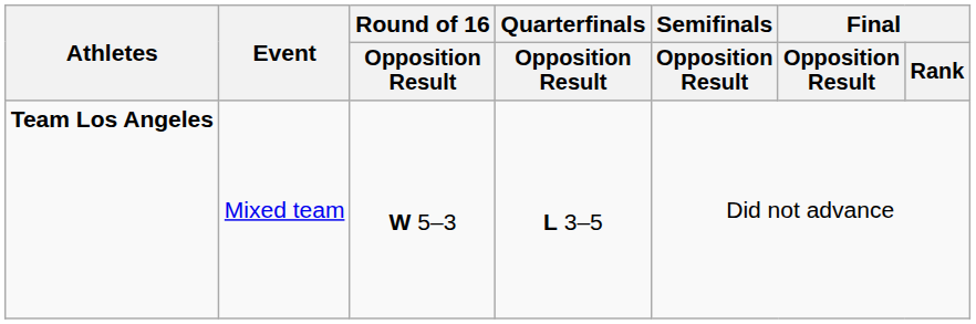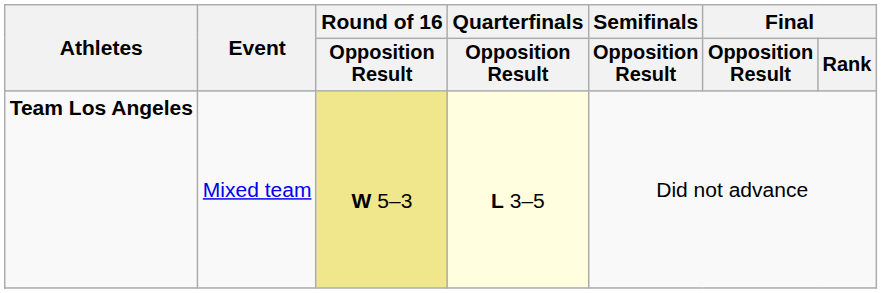 <table class="wikitable" style="font-size:90%">
 <tr>
 <th rowspan=2>Athletes</th>
 <th rowspan=2>Event</th>
 <th>Round of 16</th>
 <th>Quarterfinals</th>
 <th>Semifinals</th>
 <th colspan=2>Final</th>
 </tr>
 <tr style="font-size:95%">
 <th>Opposition<br>Result</th>
 <th>Opposition<br>Result</th>
 <th>Opposition<br>Result</th>
 <th>Opposition<br>Result</th>
 <th>Rank</th>
 </tr>
 <tr align=center>
 <td align=left><strong>Team Los Angeles</strong><br><br> <br><br><br><br><br><br></td>
 <td rowspan=2 align=left><a href='#'>Mixed team</a></td>
-<td><br><strong>W</strong> 5–3</td>
-<td><br><strong>L</strong> 3–5</td>
+<td style="background: khaki;"><br><strong>W</strong> 5–3</td>
+<td style="background: lightyellow;"><br><strong>L</strong> 3–5</td>
 <td colspan=3>Did not advance</td>
 </tr>
 </table>
